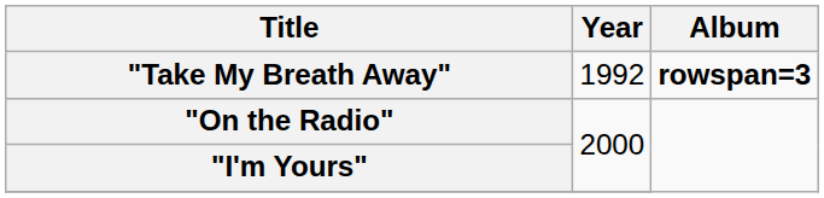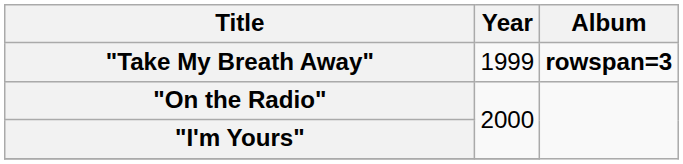 <table class="wikitable plainrowheaders" style="text-align:center;" border="1">
 <tr>
 <th scope="col" style="width:19em;">Title</th>
 <th scope="col">Year</th>
 <th scope="col">Album</th>
 </tr>
 <tr>
 <th scope="row">"Take My Breath Away"</th>
-<td>1992</td>
+<td>1999</td>
 <td><strong>rowspan=3 </strong></td>
 </tr>
 <tr>
 <th scope="row">"On the Radio"</th>
 <td rowspan=2>2000</td>
 </tr>
 <tr>
 <th scope="row">"I'm Yours"</th>
 </tr>
 <tr>
 </tr>
 </table>
